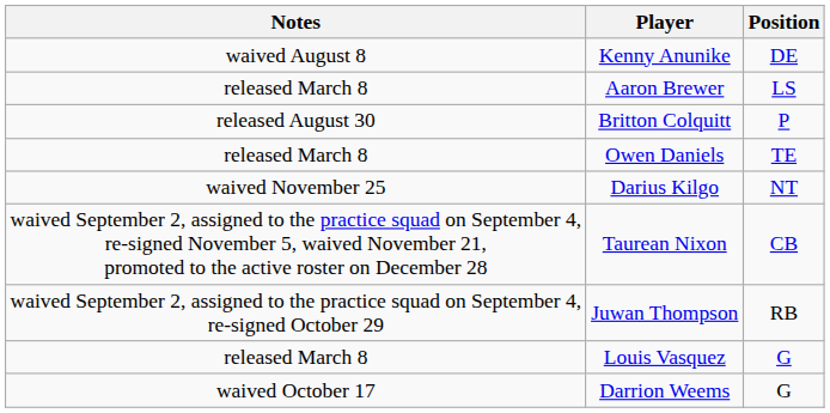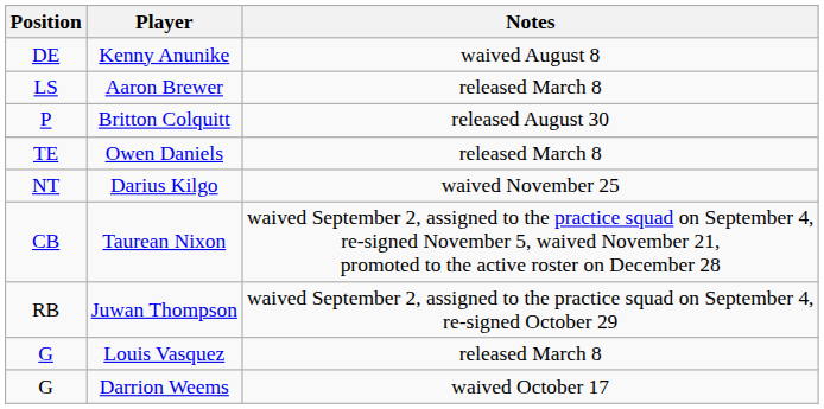 <table class="wikitable" style="text-align:center">
 <tr>
+<th>Position</th>
+<th>Player</th>
 <th>Notes</th>
-<th>Player</th>
-<th>Position</th>
 </tr>
 <tr>
+<td><a href='#'>DE</a></td>
+<td><a href='#'>Kenny Anunike</a></td>
 <td>waived August 8</td>
-<td><a href='#'>Kenny Anunike</a></td>
-<td><a href='#'>DE</a></td>
 </tr>
 <tr>
+<td><a href='#'>LS</a></td>
+<td><a href='#'>Aaron Brewer</a></td>
 <td>released March 8</td>
-<td><a href='#'>Aaron Brewer</a></td>
-<td><a href='#'>LS</a></td>
 </tr>
 <tr>
+<td><a href='#'>P</a></td>
+<td><a href='#'>Britton Colquitt</a></td>
 <td>released August 30</td>
-<td><a href='#'>Britton Colquitt</a></td>
-<td><a href='#'>P</a></td>
 </tr>
 <tr>
+<td><a href='#'>TE</a></td>
+<td><a href='#'>Owen Daniels</a></td>
 <td>released March 8</td>
-<td><a href='#'>Owen Daniels</a></td>
-<td><a href='#'>TE</a></td>
 </tr>
 <tr>
+<td><a href='#'>NT</a></td>
+<td><a href='#'>Darius Kilgo</a></td>
 <td>waived November 25</td>
-<td><a href='#'>Darius Kilgo</a></td>
-<td><a href='#'>NT</a></td>
 </tr>
 <tr>
+<td><a href='#'>CB</a></td>
+<td><a href='#'>Taurean Nixon</a></td>
 <td>waived September 2, assigned to the <a href='#'>practice squad</a> on September 4,<br>re-signed November 5, waived November 21,<br>promoted to the active roster on December 28</td>
-<td><a href='#'>Taurean Nixon</a></td>
-<td><a href='#'>CB</a></td>
 </tr>
 <tr>
+<td>RB</td>
+<td><a href='#'>Juwan Thompson</a></td>
 <td>waived September 2, assigned to the practice squad on September 4,<br>re-signed October 29</td>
-<td><a href='#'>Juwan Thompson</a></td>
-<td>RB</td>
 </tr>
 <tr>
+<td><a href='#'>G</a></td>
+<td><a href='#'>Louis Vasquez</a></td>
 <td>released March 8</td>
-<td><a href='#'>Louis Vasquez</a></td>
-<td><a href='#'>G</a></td>
 </tr>
 <tr>
+<td>G</td>
+<td><a href='#'>Darrion Weems</a></td>
 <td>waived October 17</td>
-<td><a href='#'>Darrion Weems</a></td>
-<td>G</td>
 </tr>
 </table>
